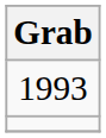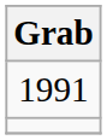 <table class="wikitable" style="margin: 0.5em auto; text-align: center;">
 <tr>
 <th colspan="1">Grab</th>
 </tr>
 <tr>
-<td>1993</td>
+<td>1991</td>
 </tr>
 <tr>
 <td></td>
 </tr>
 <tr>
 </tr>
 </table>
